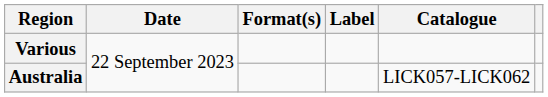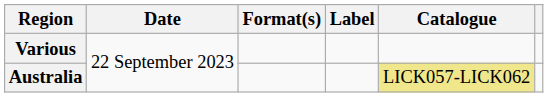 <table class="wikitable plainrowheaders">
 <tr>
 <th scope="col">Region</th>
 <th scope="col">Date</th>
 <th scope="col">Format(s)</th>
 <th scope="col">Label</th>
 <th scope="col">Catalogue</th>
 <th scope="col"></th>
 </tr>
 <tr>
 <th scope="row">Various</th>
 <td rowspan="3">22 September 2023</td>
 <td></td>
 <td></td>
 <td></td>
 <td></td>
 </tr>
 <tr>
 <th scope="row">Australia</th>
 <td></td>
 <td></td>
-<td>LICK057-LICK062</td>
+<td style="background: khaki;">LICK057-LICK062</td>
 <td></td>
 </tr>
 </table>
